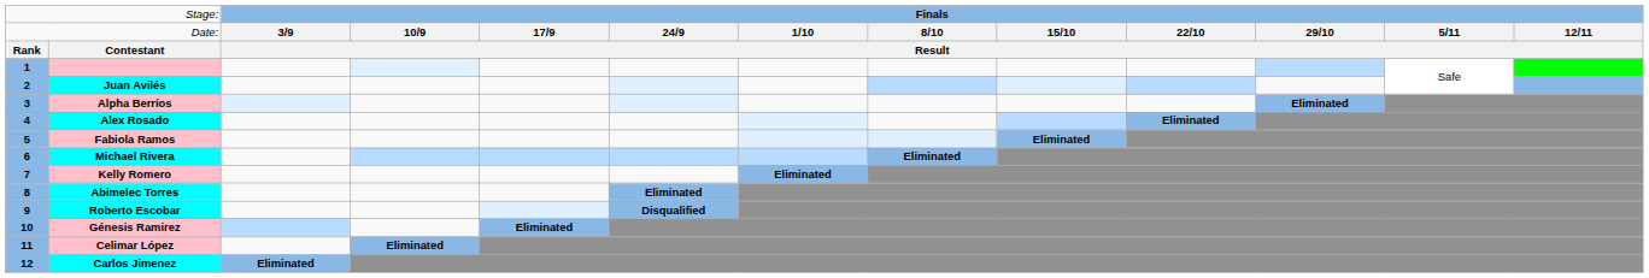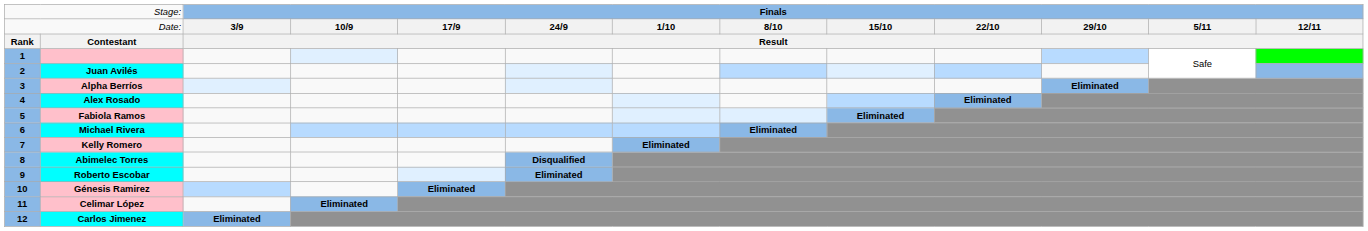 <table class="wikitable" style="text-align:center; font-size:85%">
 <tr>
 <td colspan="2" style="text-align:right;"><em>Stage:</em></td>
 <td colspan="11" style="background:#8ab8e6;"><strong>Finals</strong></td>
 </tr>
 <tr>
 <td colspan="2" style="text-align:right;"><em>Date:</em></td>
 <th width=6%>3/9</th>
 <th width=6%>10/9</th>
 <th width=6%>17/9</th>
 <th width=6%>24/9</th>
 <th width=6%>1/10</th>
 <th width=6%>8/10</th>
 <th width=6%>15/10</th>
 <th width=6%>22/10</th>
 <th width=6%>29/10</th>
 <th width=6%>5/11</th>
 <th width=6%>12/11</th>
 </tr>
 <tr>
 <th width=2%>Rank</th>
 <th width=8%>Contestant</th>
 <th colspan="11">Result</th>
 </tr>
 <tr>
 <td style="background:#8ab8e6;"><strong>1</strong></td>
 <td style="background:pink;"><strong></strong></td>
 <td></td>
 <td style="background:#e0f0ff;"></td>
 <td></td>
 <td></td>
 <td></td>
 <td></td>
 <td></td>
 <td></td>
 <td style="background:#b8dbff;"></td>
 <td bgcolor="white" align="center" rowspan=2>Safe</td>
 <td style="background:#00FF00;"></td>
 </tr>
 <tr>
 <td style="background:#8ab8e6;"><strong>2</strong></td>
 <td style="background:cyan;"><strong>Juan Avilés</strong></td>
 <td></td>
 <td></td>
 <td></td>
 <td style="background:#e0f0ff;"></td>
 <td></td>
 <td style="background:#b8dbff;"></td>
 <td style="background:#e0f0ff;"></td>
 <td style="background:#b8dbff;"></td>
 <td></td>
 <td style="background:#8ab8e6;"></td>
 </tr>
 <tr>
 <td style="background:#8ab8e6;"><strong>3</strong></td>
 <td style="background:pink;"><strong>Alpha Berríos</strong></td>
 <td style="background:#e0f0ff;"></td>
 <td></td>
 <td></td>
 <td style="background:#e0f0ff;"></td>
 <td></td>
 <td></td>
 <td></td>
 <td></td>
 <td style="background:#8ab8e6;"><strong>Eliminated</strong></td>
 <td style="background:#919191;" colspan="3"></td>
 </tr>
 <tr>
 <td style="background:#8ab8e6;"><strong>4</strong></td>
 <td style="background:cyan;"><strong>Alex Rosado</strong></td>
 <td></td>
 <td></td>
 <td></td>
 <td></td>
 <td style="background:#e0f0ff;"></td>
 <td></td>
 <td style="background:#b8dbff;"></td>
 <td style="background:#8ab8e6;"><strong>Eliminated</strong></td>
 <td style="background:#919191;" colspan="4"></td>
 </tr>
 <tr>
 <td style="background:#8ab8e6;"><strong>5</strong></td>
 <td style="background:pink;"><strong>Fabiola Ramos</strong></td>
 <td></td>
 <td></td>
 <td></td>
 <td></td>
 <td style="background:#e0f0ff;"></td>
 <td style="background:#e0f0ff;"></td>
 <td style="background:#8ab8e6;"><strong>Eliminated</strong></td>
 <td style="background:#919191;" colspan="5"></td>
 </tr>
 <tr>
 <td style="background:#8ab8e6;"><strong>6</strong></td>
 <td style="background:cyan;"><strong>Michael Rivera</strong></td>
 <td></td>
 <td style="background:#b8dbff;"></td>
 <td style="background:#b8dbff;"></td>
 <td style="background:#b8dbff;"></td>
 <td style="background:#b8dbff;"></td>
 <td style="background:#8ab8e6;"><strong>Eliminated</strong></td>
 <td style="background:#919191;" colspan="5"></td>
 </tr>
 <tr>
 <td style="background:#8ab8e6;"><strong>7</strong></td>
 <td style="background:pink;"><strong>Kelly Romero</strong></td>
 <td></td>
 <td></td>
 <td></td>
 <td></td>
 <td style="background:#8ab8e6;"><strong>Eliminated</strong></td>
 <td style="background:#919191;" colspan="6"></td>
 </tr>
 <tr>
 <td style="background:#8ab8e6;"><strong>8</strong></td>
 <td style="background:cyan;"><strong>Abimelec Torres</strong></td>
 <td></td>
 <td></td>
 <td></td>
-<td style="background:#8ab8e6;"><strong>Eliminated</strong></td>
+<td style="background:#8ab8e6;"><strong>Disqualified</strong></td>
 <td style="background:#919191;" colspan="7"></td>
 </tr>
 <tr>
 <td style="background:#8ab8e6;"><strong>9</strong></td>
 <td style="background:cyan;"><strong>Roberto Escobar</strong></td>
 <td></td>
 <td></td>
 <td style="background:#e0f0ff;"></td>
-<td style="background:#8ab8e6;"><strong>Disqualified</strong></td>
+<td style="background:#8ab8e6;"><strong>Eliminated</strong></td>
 <td style="background:#919191;" colspan="7"></td>
 </tr>
 <tr>
 <td style="background:#8ab8e6;"><strong>10</strong></td>
 <td style="background:pink;"><strong>Génesis Ramirez</strong></td>
 <td style="background:#b8dbff;"></td>
 <td></td>
 <td style="background:#8ab8e6;"><strong>Eliminated</strong></td>
 <td style="background:#919191;" colspan="8"></td>
 </tr>
 <tr>
 <td style="background:#8ab8e6;"><strong>11</strong></td>
 <td style="background:pink;"><strong>Celimar López</strong></td>
 <td></td>
 <td style="background:#8ab8e6;"><strong>Eliminated</strong></td>
 <td style="background:#919191;" colspan="9"></td>
 </tr>
 <tr>
 <td style="background:#8ab8e6;"><strong>12</strong></td>
 <td style="background:cyan;"><strong>Carlos Jimenez</strong></td>
 <td style="background:#8ab8e6;"><strong>Eliminated</strong></td>
 <td style="background:#919191;" colspan="10"></td>
 </tr>
 </table>
